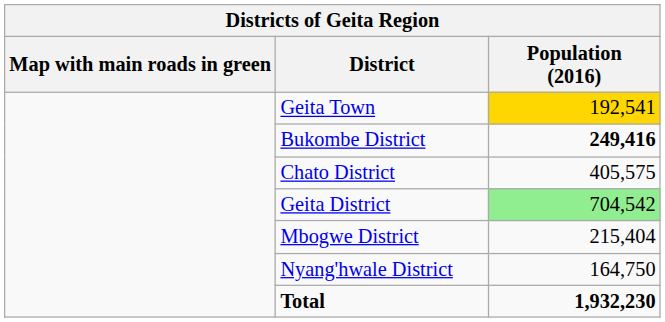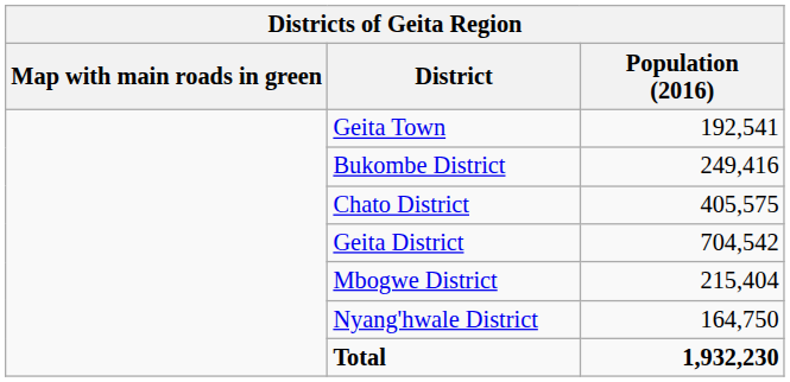 <table class="wikitable">
 <tr>
 <th colspan="7">Districts of Geita Region</th>
 </tr>
 <tr style="text-align:center;">
 <th>Map with main roads in green</th>
 <th style="width: 10em">District</th>
 <th style="width: 8em">Population<br>(2016)</th>
 </tr>
 <tr>
 <td rowspan=7></td>
 <td><a href='#'>Geita Town</a></td>
-<td style="background: gold; text-align:right;">192,541</td>
+<td style="text-align:right;">192,541</td>
 </tr>
 <tr>
 <td><a href='#'>Bukombe District</a></td>
-<td style="text-align:right;"><strong>249,416</strong></td>
+<td style="text-align:right;">249,416</td>
 </tr>
 <tr>
 <td><a href='#'>Chato District</a></td>
 <td style="text-align:right;">405,575</td>
 </tr>
 <tr>
 <td><a href='#'>Geita District</a></td>
-<td style="background: lightgreen; text-align:right;">704,542</td>
+<td style="text-align:right;">704,542</td>
 </tr>
 <tr>
 <td><a href='#'>Mbogwe District</a></td>
 <td style="text-align:right;">215,404</td>
 </tr>
 <tr>
 <td><a href='#'>Nyang'hwale District</a></td>
 <td style="text-align:right;">164,750</td>
 </tr>
 <tr>
 <td><strong>Total</strong></td>
 <td style="text-align:right;"><strong>1,932,230</strong></td>
 </tr>
 </table>
